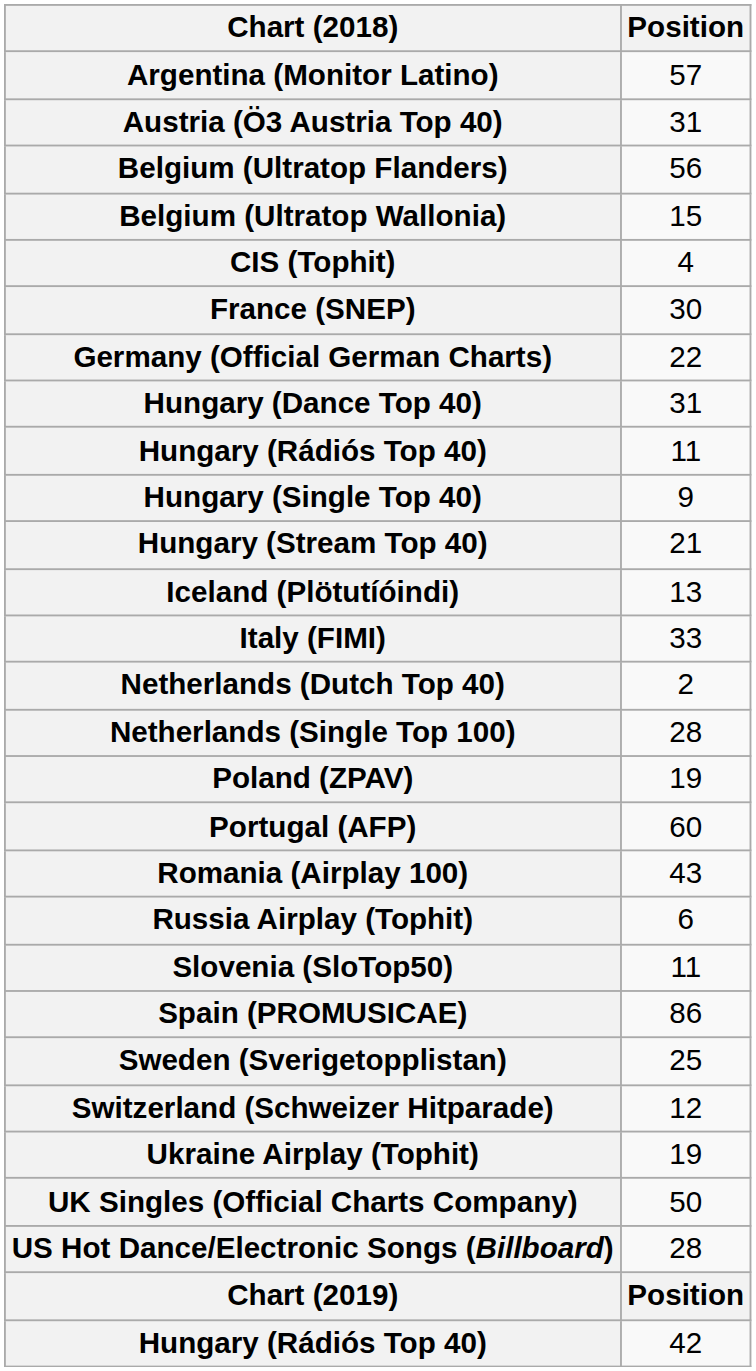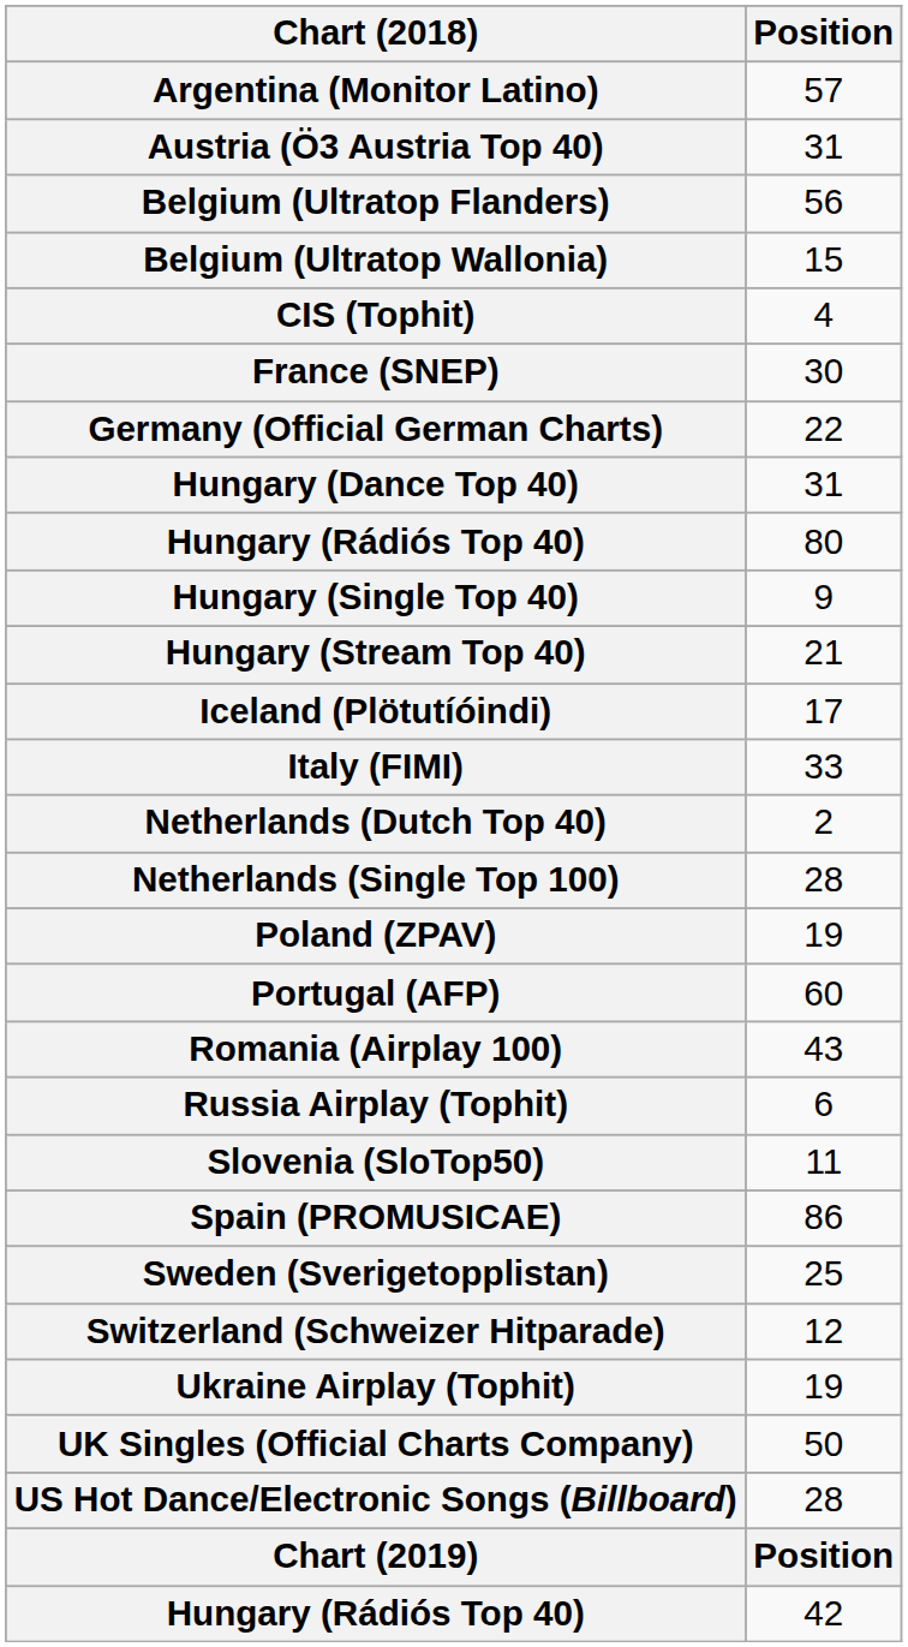 <table class="wikitable plainrowheaders sortable" style="text-align:center">
 <tr>
 <th scope="col">Chart (2018)</th>
 <th scope="col">Position</th>
 </tr>
 <tr>
 <th scope="row">Argentina (Monitor Latino)</th>
 <td>57</td>
 </tr>
 <tr>
 <th scope="row">Austria (Ö3 Austria Top 40)</th>
 <td>31</td>
 </tr>
 <tr>
 <th scope="row">Belgium (Ultratop Flanders)</th>
 <td>56</td>
 </tr>
 <tr>
 <th scope="row">Belgium (Ultratop Wallonia)</th>
 <td>15</td>
 </tr>
 <tr>
 <th scope="row">CIS (Tophit)</th>
 <td>4</td>
 </tr>
 <tr>
 <th scope="row">France (SNEP)</th>
 <td>30</td>
 </tr>
 <tr>
 <th scope="row">Germany (Official German Charts)</th>
 <td>22</td>
 </tr>
 <tr>
 <th scope="row">Hungary (Dance Top 40)</th>
 <td>31</td>
 </tr>
 <tr>
 <th scope="row">Hungary (Rádiós Top 40)</th>
-<td>11</td>
+<td>80</td>
 </tr>
 <tr>
 <th scope="row">Hungary (Single Top 40)</th>
 <td>9</td>
 </tr>
 <tr>
 <th scope="row">Hungary (Stream Top 40)</th>
 <td>21</td>
 </tr>
 <tr>
 <th scope="row">Iceland (Plötutíóindi)</th>
-<td>13</td>
+<td>17</td>
 </tr>
 <tr>
 <th scope="row">Italy (FIMI)</th>
 <td>33</td>
 </tr>
 <tr>
 <th scope="row">Netherlands (Dutch Top 40)</th>
 <td>2</td>
 </tr>
 <tr>
 <th scope="row">Netherlands (Single Top 100)</th>
 <td>28</td>
 </tr>
 <tr>
 <th scope="row">Poland (ZPAV)</th>
 <td>19</td>
 </tr>
 <tr>
 <th scope="row">Portugal (AFP)</th>
 <td>60</td>
 </tr>
 <tr>
 <th scope="row">Romania (Airplay 100)</th>
 <td>43</td>
 </tr>
 <tr>
 <th scope="row">Russia Airplay (Tophit)</th>
 <td style="text-align:center;">6</td>
 </tr>
 <tr>
 <th scope="row">Slovenia (SloTop50)</th>
 <td>11</td>
 </tr>
 <tr>
 <th scope="row">Spain (PROMUSICAE)</th>
 <td>86</td>
 </tr>
 <tr>
 <th scope="row">Sweden (Sverigetopplistan)</th>
 <td>25</td>
 </tr>
 <tr>
 <th scope="row">Switzerland (Schweizer Hitparade)</th>
 <td>12</td>
 </tr>
 <tr>
 <th scope="row">Ukraine Airplay (Tophit)</th>
 <td style="text-align:center;">19</td>
 </tr>
 <tr>
 <th scope="row">UK Singles (Official Charts Company)</th>
 <td>50</td>
 </tr>
 <tr>
 <th scope="row">US Hot Dance/Electronic Songs (<em>Billboard</em>)</th>
 <td>28</td>
 </tr>
 <tr>
 <th scope="col">Chart (2019)</th>
 <th scope="col">Position</th>
 </tr>
 <tr>
 <th scope="row">Hungary (Rádiós Top 40)</th>
 <td>42</td>
 </tr>
 </table>
